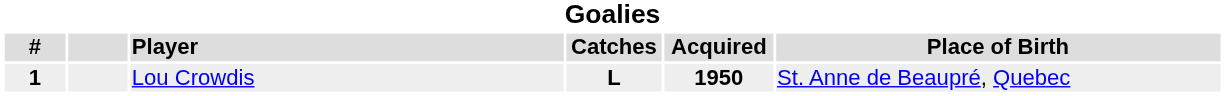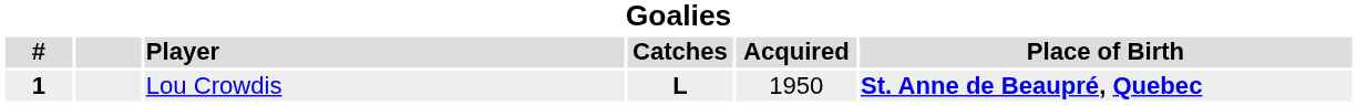 <table width=70%>
 <tr>
 <th colspan="6" style="text-align:center;"><big>Goalies</big></th>
 </tr>
 <tr bgcolor="#dddddd">
 <th width=5%>#</th>
 <th width=5%></th>
 <td align=left!!width=15%><strong>Player</strong></td>
 <th width=8%>Catches</th>
 <th width=9%>Acquired</th>
 <th width=37%>Place of Birth</th>
 </tr>
 <tr bgcolor="#eeeeee">
 <td align=center><strong>1</strong></td>
 <td align=center></td>
 <td><a href='#'>Lou Crowdis</a></td>
 <td align=center><strong>L</strong></td>
-<td align=center><strong>1950</strong></td>
-<td><a href='#'>St. Anne de Beaupré</a>, <a href='#'>Quebec</a></td>
+<td align=center>1950</td>
+<td><strong><a href='#'>St. Anne de Beaupré</a>, <a href='#'>Quebec</a></strong></td>
 </tr>
 </table>
